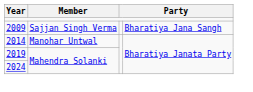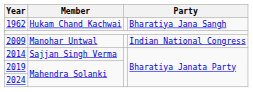 <table class="wikitable">
 <tr>
 <th>Year</th>
 <th>Member</th>
 <th colspan="2">Party</th>
 </tr>
 <tr>
+<td><a href='#'>1962</a></td>
+<td><a href='#'>Hukam Chand Kachwai</a></td>
+<td style="background-color: "></td>
+<td><a href='#'>Bharatiya Jana Sangh</a></td>
+</tr>
+<tr>
 <td colspan="4"></td>
 </tr>
 <tr>
 <td><a href='#'>2009</a></td>
-<td><a href='#'>Sajjan Singh Verma</a></td>
+<td><a href='#'>Manohar Untwal</a></td>
 <td style="background-color: "></td>
-<td><a href='#'>Bharatiya Jana Sangh</a></td>
+<td><a href='#'>Indian National Congress</a></td>
 </tr>
 <tr>
 <td><a href='#'>2014</a></td>
-<td><a href='#'>Manohar Untwal</a></td>
+<td><a href='#'>Sajjan Singh Verma</a></td>
 <td rowspan="3" style="background-color: "></td>
 <td rowspan="3"><a href='#'>Bharatiya Janata Party</a></td>
 </tr>
 <tr>
 <td><a href='#'>2019</a></td>
 <td rowspan="2"><a href='#'>Mahendra Solanki</a></td>
 </tr>
 <tr>
 <td><a href='#'>2024</a></td>
 </tr>
 </table>
